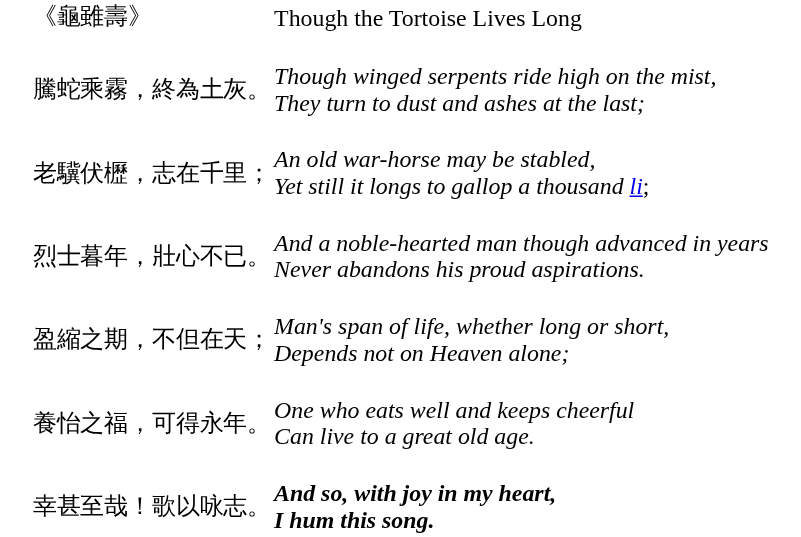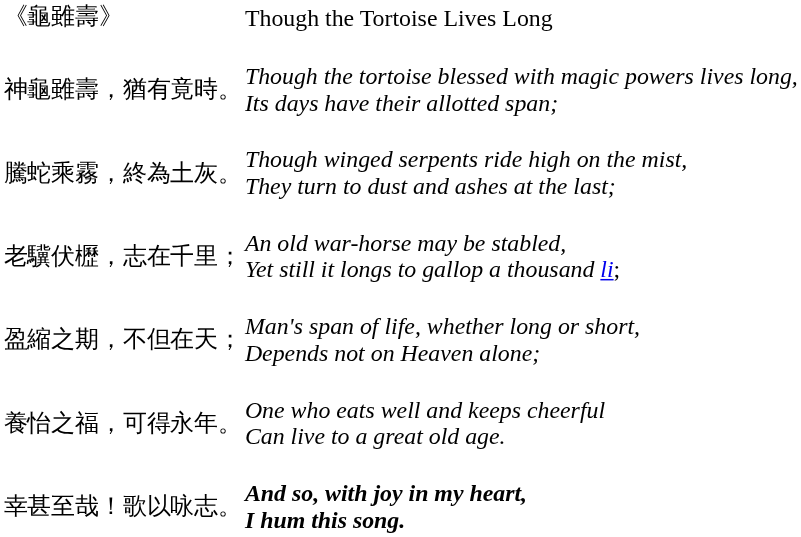 <table border="0" cellpadding="0" style="margin:1em auto;">
 <tr>
 <td style="font-size:100%"><br>《龜雖壽》</td>
 <td><br>Though the Tortoise Lives Long</td>
+</tr>
+<tr>
+<td style="font-size:100%"><br>神龜雖壽，猶有竟時。</td>
+<td><br><em>Though the tortoise blessed with magic powers lives long,</em><br> <em>Its days have their allotted span;</em></td>
 </tr>
 <tr>
 <td style="font-size:100%"><br>騰蛇乘霧，終為土灰。</td>
 <td><br><em>Though winged serpents ride high on the mist,</em><br> <em>They turn to dust and ashes at the last;</em></td>
 </tr>
 <tr>
 <td style="font-size:100%"><br>老驥伏櫪，志在千里；</td>
 <td><br><em>An old war-horse may be stabled,</em><br> <em>Yet still it longs to gallop a thousand <a href='#'>li</a></em>;</td>
-</tr>
-<tr>
-<td style="font-size:100%"><br>烈士暮年，壯心不已。</td>
-<td><br><em>And a noble-hearted man though advanced in years</em><br> <em>Never abandons his proud aspirations.</em></td>
 </tr>
 <tr>
 <td style="font-size:100%"><br>盈縮之期，不但在天；</td>
 <td><br><em>Man's span of life, whether long or short,</em><br> <em>Depends not on Heaven alone;</em></td>
 </tr>
 <tr>
 <td style="font-size:100%"><br>養怡之福，可得永年。</td>
 <td><br><em>One who eats well and keeps cheerful</em><br> <em>Can live to a great old age.</em></td>
 </tr>
 <tr>
 <td style="font-size:100%"><br>幸甚至哉！歌以咏志。</td>
 <td><strong><br><em>And so, with joy in my heart,</em><br> <em>I hum this song.</em></strong></td>
 </tr>
 </table>
